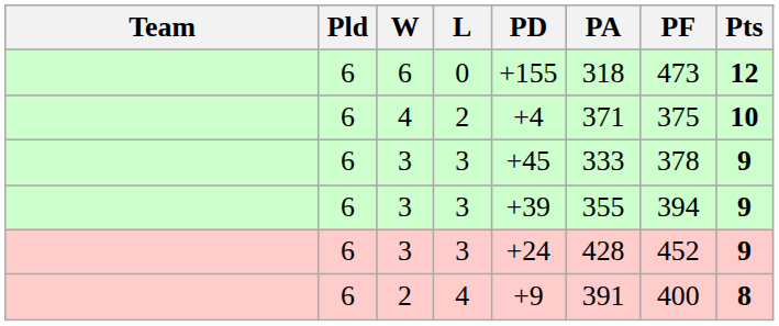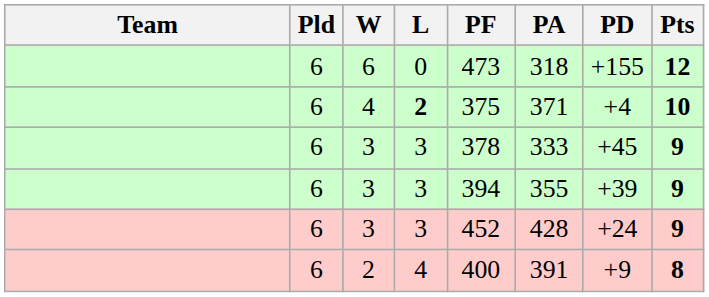 <table class="wikitable" style="text-align:center;">
 <tr>
 <th width=170>Team</th>
 <th width=25>Pld</th>
 <th width=25>W</th>
 <th width=25>L</th>
+<th width=35>PF</th>
+<th width=35>PA</th>
 <th width=35>PD</th>
-<th width=35>PA</th>
-<th width=35>PF</th>
 <th width=25>Pts</th>
 </tr>
 <tr bgcolor=ccffcc>
 <td align="left"></td>
 <td>6</td>
 <td>6</td>
 <td>0</td>
+<td>473</td>
+<td>318</td>
 <td>+155</td>
-<td>318</td>
-<td>473</td>
 <td><strong>12</strong></td>
 </tr>
 <tr bgcolor=ccffcc>
 <td align="left"></td>
 <td>6</td>
 <td>4</td>
-<td>2</td>
+<td><strong>2</strong></td>
+<td>375</td>
+<td>371</td>
 <td>+4</td>
-<td>371</td>
-<td>375</td>
 <td><strong>10</strong></td>
 </tr>
 <tr bgcolor=ccffcc>
 <td align="left"></td>
 <td>6</td>
 <td>3</td>
 <td>3</td>
+<td>378</td>
+<td>333</td>
 <td>+45</td>
-<td>333</td>
-<td>378</td>
 <td><strong>9</strong></td>
 </tr>
 <tr bgcolor=ccffcc>
 <td align="left"></td>
 <td>6</td>
 <td>3</td>
 <td>3</td>
+<td>394</td>
+<td>355</td>
 <td>+39</td>
-<td>355</td>
-<td>394</td>
 <td><strong>9</strong></td>
 </tr>
 <tr bgcolor=ffcccc>
 <td align="left"></td>
 <td>6</td>
 <td>3</td>
 <td>3</td>
+<td>452</td>
+<td>428</td>
 <td>+24</td>
-<td>428</td>
-<td>452</td>
 <td><strong>9</strong></td>
 </tr>
 <tr bgcolor=ffcccc>
 <td align="left"></td>
 <td>6</td>
 <td>2</td>
 <td>4</td>
+<td>400</td>
+<td>391</td>
 <td>+9</td>
-<td>391</td>
-<td>400</td>
 <td><strong>8</strong></td>
 </tr>
 </table>
